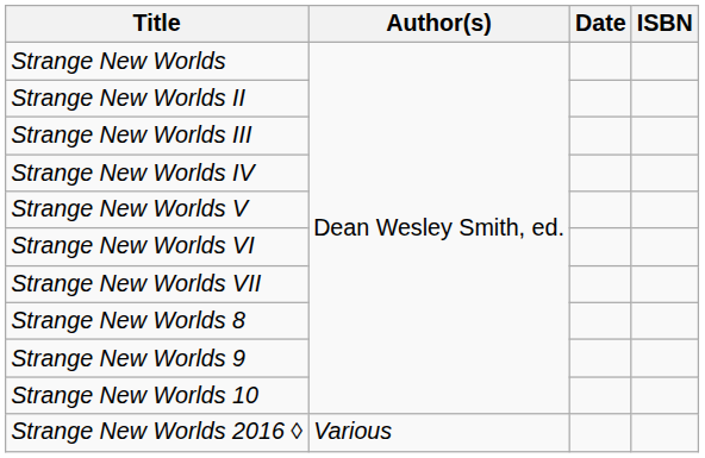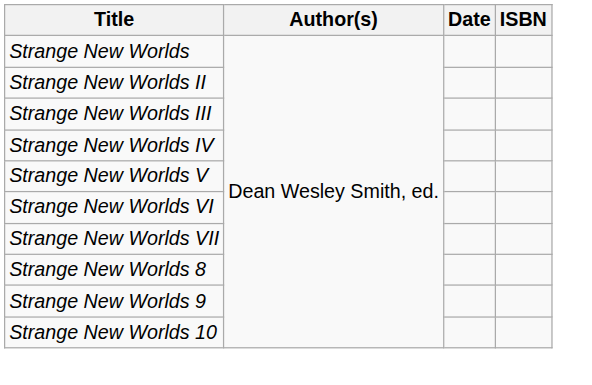 <table class="wikitable">
 <tr>
 <th>Title</th>
 <th>Author(s)</th>
 <th>Date</th>
 <th>ISBN</th>
 </tr>
 <tr>
 <td><em>Strange New Worlds</em></td>
 <td rowspan="10">Dean Wesley Smith, ed.</td>
 <td></td>
 <td></td>
 </tr>
 <tr>
 <td><em>Strange New Worlds II</em></td>
 <td></td>
 <td></td>
 </tr>
 <tr>
 <td><em>Strange New Worlds III</em></td>
 <td></td>
 <td></td>
 </tr>
 <tr>
 <td><em>Strange New Worlds IV</em></td>
 <td></td>
 <td></td>
 </tr>
 <tr>
 <td><em>Strange New Worlds V</em></td>
 <td></td>
 <td></td>
 </tr>
 <tr>
 <td><em>Strange New Worlds VI</em></td>
 <td></td>
 <td></td>
 </tr>
 <tr>
 <td><em>Strange New Worlds VII</em></td>
 <td></td>
 <td></td>
 </tr>
 <tr>
 <td><em>Strange New Worlds 8</em></td>
 <td></td>
 <td></td>
 </tr>
 <tr>
 <td><em>Strange New Worlds 9</em></td>
 <td></td>
 <td></td>
 </tr>
 <tr>
 <td><em>Strange New Worlds 10</em></td>
 <td></td>
 <td></td>
 </tr>
-<tr>
-<td><em>Strange New Worlds 2016</em> ◊</td>
-<td><em>Various</em></td>
-<td></td>
-<td></td>
-</tr>
 </table>
